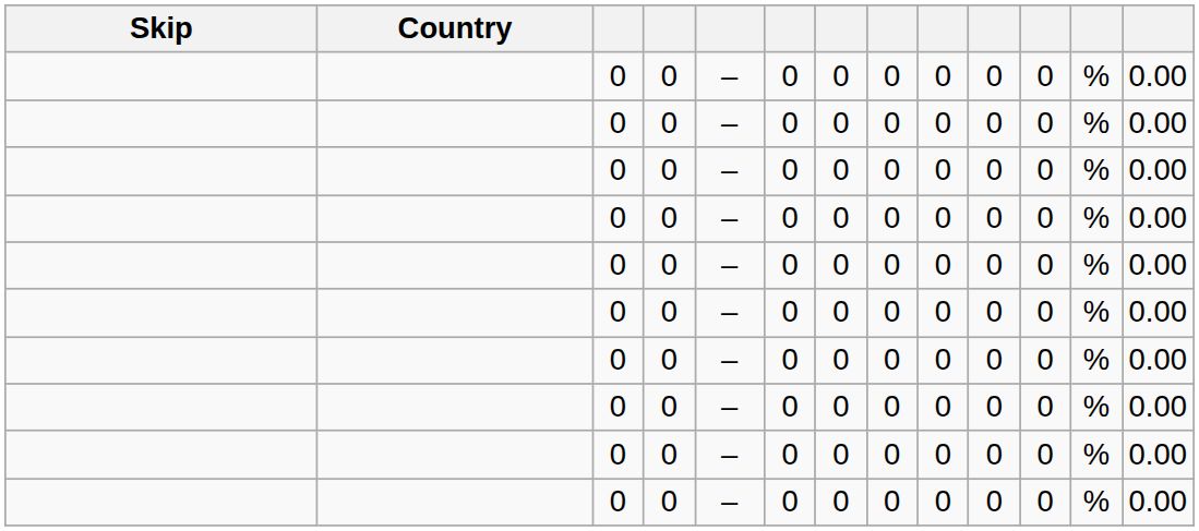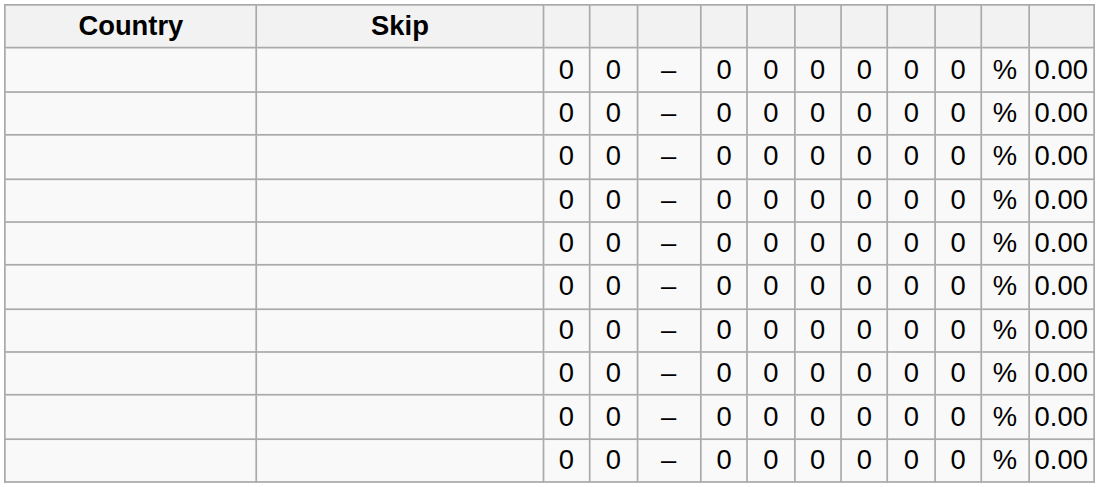 <table class=wikitable style="text-align:center;">
 <tr>
+<th width=140>Country</th>
 <th width=160>Skip</th>
-<th width=140>Country</th>
 <th width=20></th>
 <th width=20></th>
 <th width=30></th>
 <th width=20></th>
 <th width=20></th>
 <th width=20></th>
 <th width=20></th>
 <th width=20></th>
 <th width=20></th>
 <th width=20></th>
 <th width=20></th>
 </tr>
 <tr>
 <td style="text-align:left;"></td>
 <td style="text-align:left;"></td>
 <td>0</td>
 <td>0</td>
 <td>–</td>
 <td>0</td>
 <td>0</td>
 <td>0</td>
 <td>0</td>
 <td>0</td>
 <td>0</td>
 <td>%</td>
 <td>0.00</td>
 </tr>
 <tr>
 <td style="text-align:left;"></td>
 <td style="text-align:left;"></td>
 <td>0</td>
 <td>0</td>
 <td>–</td>
 <td>0</td>
 <td>0</td>
 <td>0</td>
 <td>0</td>
 <td>0</td>
 <td>0</td>
 <td>%</td>
 <td>0.00</td>
 </tr>
 <tr>
 <td style="text-align:left;"></td>
 <td style="text-align:left;"></td>
 <td>0</td>
 <td>0</td>
 <td>–</td>
 <td>0</td>
 <td>0</td>
 <td>0</td>
 <td>0</td>
 <td>0</td>
 <td>0</td>
 <td>%</td>
 <td>0.00</td>
 </tr>
 <tr>
 <td style="text-align:left;"></td>
 <td style="text-align:left;"></td>
 <td>0</td>
 <td>0</td>
 <td>–</td>
 <td>0</td>
 <td>0</td>
 <td>0</td>
 <td>0</td>
 <td>0</td>
 <td>0</td>
 <td>%</td>
 <td>0.00</td>
 </tr>
 <tr>
 <td style="text-align:left;"></td>
 <td style="text-align:left;"></td>
 <td>0</td>
 <td>0</td>
 <td>–</td>
 <td>0</td>
 <td>0</td>
 <td>0</td>
 <td>0</td>
 <td>0</td>
 <td>0</td>
 <td>%</td>
 <td>0.00</td>
 </tr>
 <tr>
 <td style="text-align:left;"></td>
 <td style="text-align:left;"></td>
 <td>0</td>
 <td>0</td>
 <td>–</td>
 <td>0</td>
 <td>0</td>
 <td>0</td>
 <td>0</td>
 <td>0</td>
 <td>0</td>
 <td>%</td>
 <td>0.00</td>
 </tr>
 <tr>
 <td style="text-align:left;"></td>
 <td style="text-align:left;"></td>
 <td>0</td>
 <td>0</td>
 <td>–</td>
 <td>0</td>
 <td>0</td>
 <td>0</td>
 <td>0</td>
 <td>0</td>
 <td>0</td>
 <td>%</td>
 <td>0.00</td>
 </tr>
 <tr>
 <td style="text-align:left;"></td>
 <td style="text-align:left;"></td>
 <td>0</td>
 <td>0</td>
 <td>–</td>
 <td>0</td>
 <td>0</td>
 <td>0</td>
 <td>0</td>
 <td>0</td>
 <td>0</td>
 <td>%</td>
 <td>0.00</td>
 </tr>
 <tr>
 <td style="text-align:left;"></td>
 <td style="text-align:left;"></td>
 <td>0</td>
 <td>0</td>
 <td>–</td>
 <td>0</td>
 <td>0</td>
 <td>0</td>
 <td>0</td>
 <td>0</td>
 <td>0</td>
 <td>%</td>
 <td>0.00</td>
 </tr>
 <tr>
 <td style="text-align:left;"></td>
 <td style="text-align:left;"></td>
 <td>0</td>
 <td>0</td>
 <td>–</td>
 <td>0</td>
 <td>0</td>
 <td>0</td>
 <td>0</td>
 <td>0</td>
 <td>0</td>
 <td>%</td>
 <td>0.00</td>
 </tr>
 </table>
